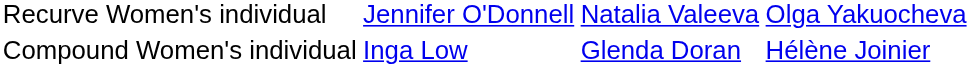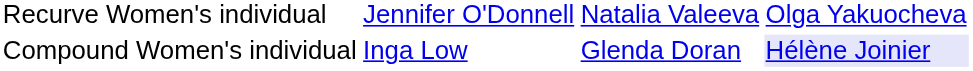 <table>
 <tr>
 <td>Recurve Women's individual<br></td>
 <td> <a href='#'>Jennifer O'Donnell</a></td>
 <td> <a href='#'>Natalia Valeeva</a></td>
 <td> <a href='#'>Olga Yakuocheva</a></td>
 </tr>
 <tr>
 <td>Compound Women's individual<br></td>
 <td> <a href='#'>Inga Low</a></td>
 <td> <a href='#'>Glenda Doran</a></td>
-<td> <a href='#'>Hélène Joinier</a></td>
+<td style="background: lavender;"> <a href='#'>Hélène Joinier</a></td>
 </tr>
 </table>
